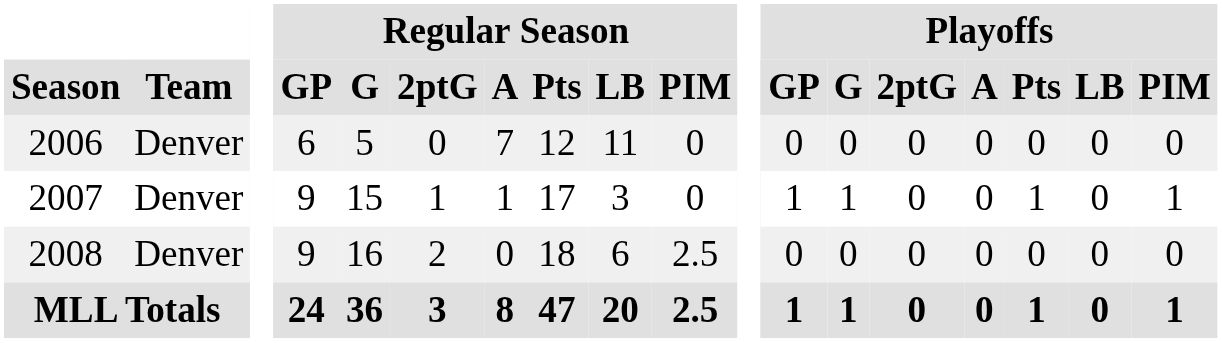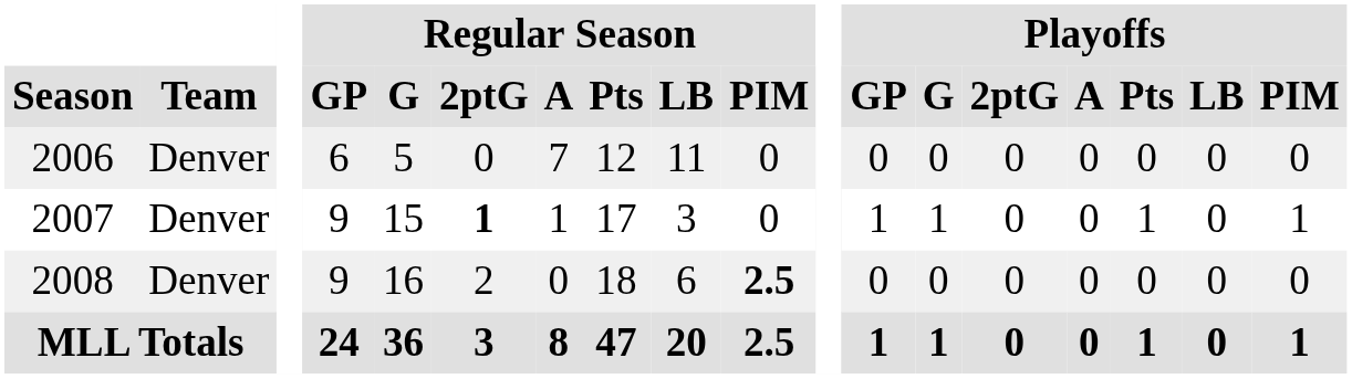 <table BORDER="0" CELLPADDING="3" CELLSPACING="0">
 <tr ALIGN="center" bgcolor="#e0e0e0">
 <th colspan="2" bgcolor="#ffffff"> </th>
 <th rowspan="99" bgcolor="#ffffff"> </th>
 <th colspan="7">Regular Season</th>
 <th rowspan="99" bgcolor="#ffffff"> </th>
 <th colspan="7">Playoffs</th>
 </tr>
 <tr ALIGN="center" bgcolor="#e0e0e0">
 <th>Season</th>
 <th>Team</th>
 <th>GP</th>
 <th>G</th>
 <th>2ptG</th>
 <th>A</th>
 <th>Pts</th>
 <th>LB</th>
 <th>PIM</th>
 <th>GP</th>
 <th>G</th>
 <th>2ptG</th>
 <th>A</th>
 <th>Pts</th>
 <th>LB</th>
 <th>PIM</th>
 </tr>
 <tr ALIGN="center" bgcolor="#f0f0f0">
 <td>2006</td>
 <td>Denver</td>
 <td>6</td>
 <td>5</td>
 <td>0</td>
 <td>7</td>
 <td>12</td>
 <td>11</td>
 <td>0</td>
 <td>0</td>
 <td>0</td>
 <td>0</td>
 <td>0</td>
 <td>0</td>
 <td>0</td>
 <td>0</td>
 </tr>
 <tr ALIGN="center">
 <td>2007</td>
 <td>Denver</td>
 <td>9</td>
 <td>15</td>
-<td>1</td>
+<td><strong>1</strong></td>
 <td>1</td>
 <td>17</td>
 <td>3</td>
 <td>0</td>
 <td>1</td>
 <td>1</td>
 <td>0</td>
 <td>0</td>
 <td>1</td>
 <td>0</td>
 <td>1</td>
 </tr>
 <tr ALIGN="center" bgcolor="#f0f0f0">
 <td>2008</td>
 <td>Denver</td>
 <td>9</td>
 <td>16</td>
 <td>2</td>
 <td>0</td>
 <td>18</td>
 <td>6</td>
-<td>2.5</td>
+<td><strong>2.5</strong></td>
 <td>0</td>
 <td>0</td>
 <td>0</td>
 <td>0</td>
 <td>0</td>
 <td>0</td>
 <td>0</td>
 </tr>
 <tr ALIGN="center" bgcolor="#e0e0e0">
 <th colspan="2">MLL Totals</th>
 <th>24</th>
 <th>36</th>
 <th>3</th>
 <th>8</th>
 <th>47</th>
 <th>20</th>
 <th>2.5</th>
 <th>1</th>
 <th>1</th>
 <th>0</th>
 <th>0</th>
 <th>1</th>
 <th>0</th>
 <th>1</th>
 </tr>
 </table>
